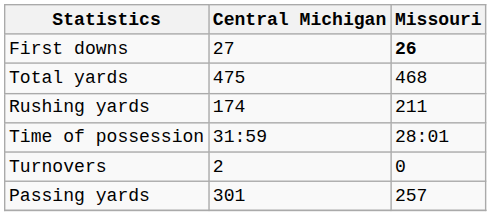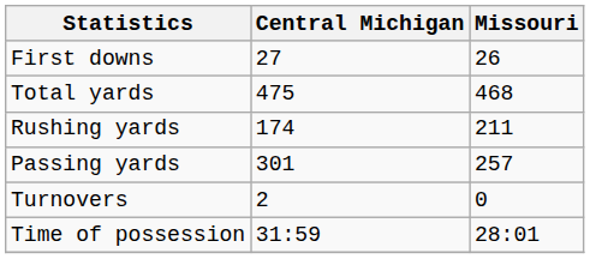 <table class="wikitable">
 <tr>
 <th>Statistics</th>
 <th>Central Michigan</th>
 <th>Missouri</th>
 </tr>
 <tr>
 <td>First downs</td>
 <td>27</td>
-<td><strong>26</strong></td>
+<td>26</td>
 </tr>
 <tr>
 <td>Total yards</td>
 <td>475</td>
 <td>468</td>
 </tr>
 <tr>
 <td>Rushing yards</td>
 <td>174</td>
 <td>211</td>
 </tr>
 <tr>
-<td>Time of possession</td>
-<td>31:59</td>
-<td>28:01</td>
+<td>Passing yards</td>
+<td>301</td>
+<td>257</td>
 </tr>
 <tr>
 <td>Turnovers</td>
 <td>2</td>
 <td>0</td>
 </tr>
 <tr>
-<td>Passing yards</td>
-<td>301</td>
-<td>257</td>
+<td>Time of possession</td>
+<td>31:59</td>
+<td>28:01</td>
 </tr>
 <tr>
 </tr>
 </table>
